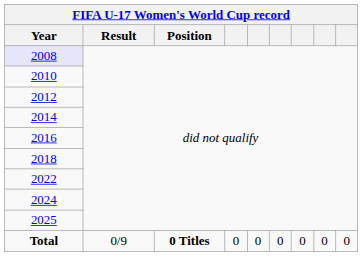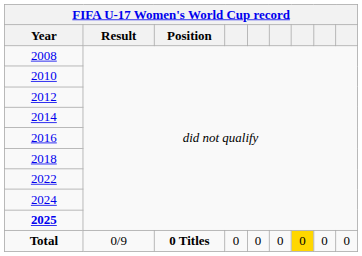 <table class="wikitable" style="text-align: center;">
 <tr>
 <th colspan="9"><a href='#'>FIFA U-17 Women's World Cup record</a></th>
 </tr>
 <tr>
 <th width="90">Year</th>
 <th width="80">Result</th>
 <th width="80">Position</th>
 <th width="20"></th>
 <th width="20"></th>
 <th width="20"></th>
 <th width="20"></th>
 <th width="20"></th>
 <th width="20"></th>
 </tr>
 <tr>
-<td style="background: lavender;"> <a href='#'>2008</a></td>
+<td> <a href='#'>2008</a></td>
 <td rowspan=9 colspan=8><em>did not qualify</em></td>
 </tr>
 <tr>
 <td> <a href='#'>2010</a></td>
 </tr>
 <tr>
 <td> <a href='#'>2012</a></td>
 </tr>
 <tr>
 <td> <a href='#'>2014</a></td>
 </tr>
 <tr>
 <td> <a href='#'>2016</a></td>
 </tr>
 <tr>
 <td> <a href='#'>2018</a></td>
 </tr>
 <tr>
 <td> <a href='#'>2022</a></td>
 </tr>
 <tr>
 <td> <a href='#'>2024</a></td>
 </tr>
 <tr>
-<td> <a href='#'>2025</a></td>
+<td><strong> <a href='#'>2025</a></strong></td>
 </tr>
 <tr>
 <td><strong>Total</strong></td>
 <td>0/9</td>
 <td><strong>0 Titles</strong></td>
 <td>0</td>
 <td>0</td>
 <td>0</td>
-<td>0</td>
+<td style="background: gold;">0</td>
 <td>0</td>
 <td>0</td>
 </tr>
 </table>
